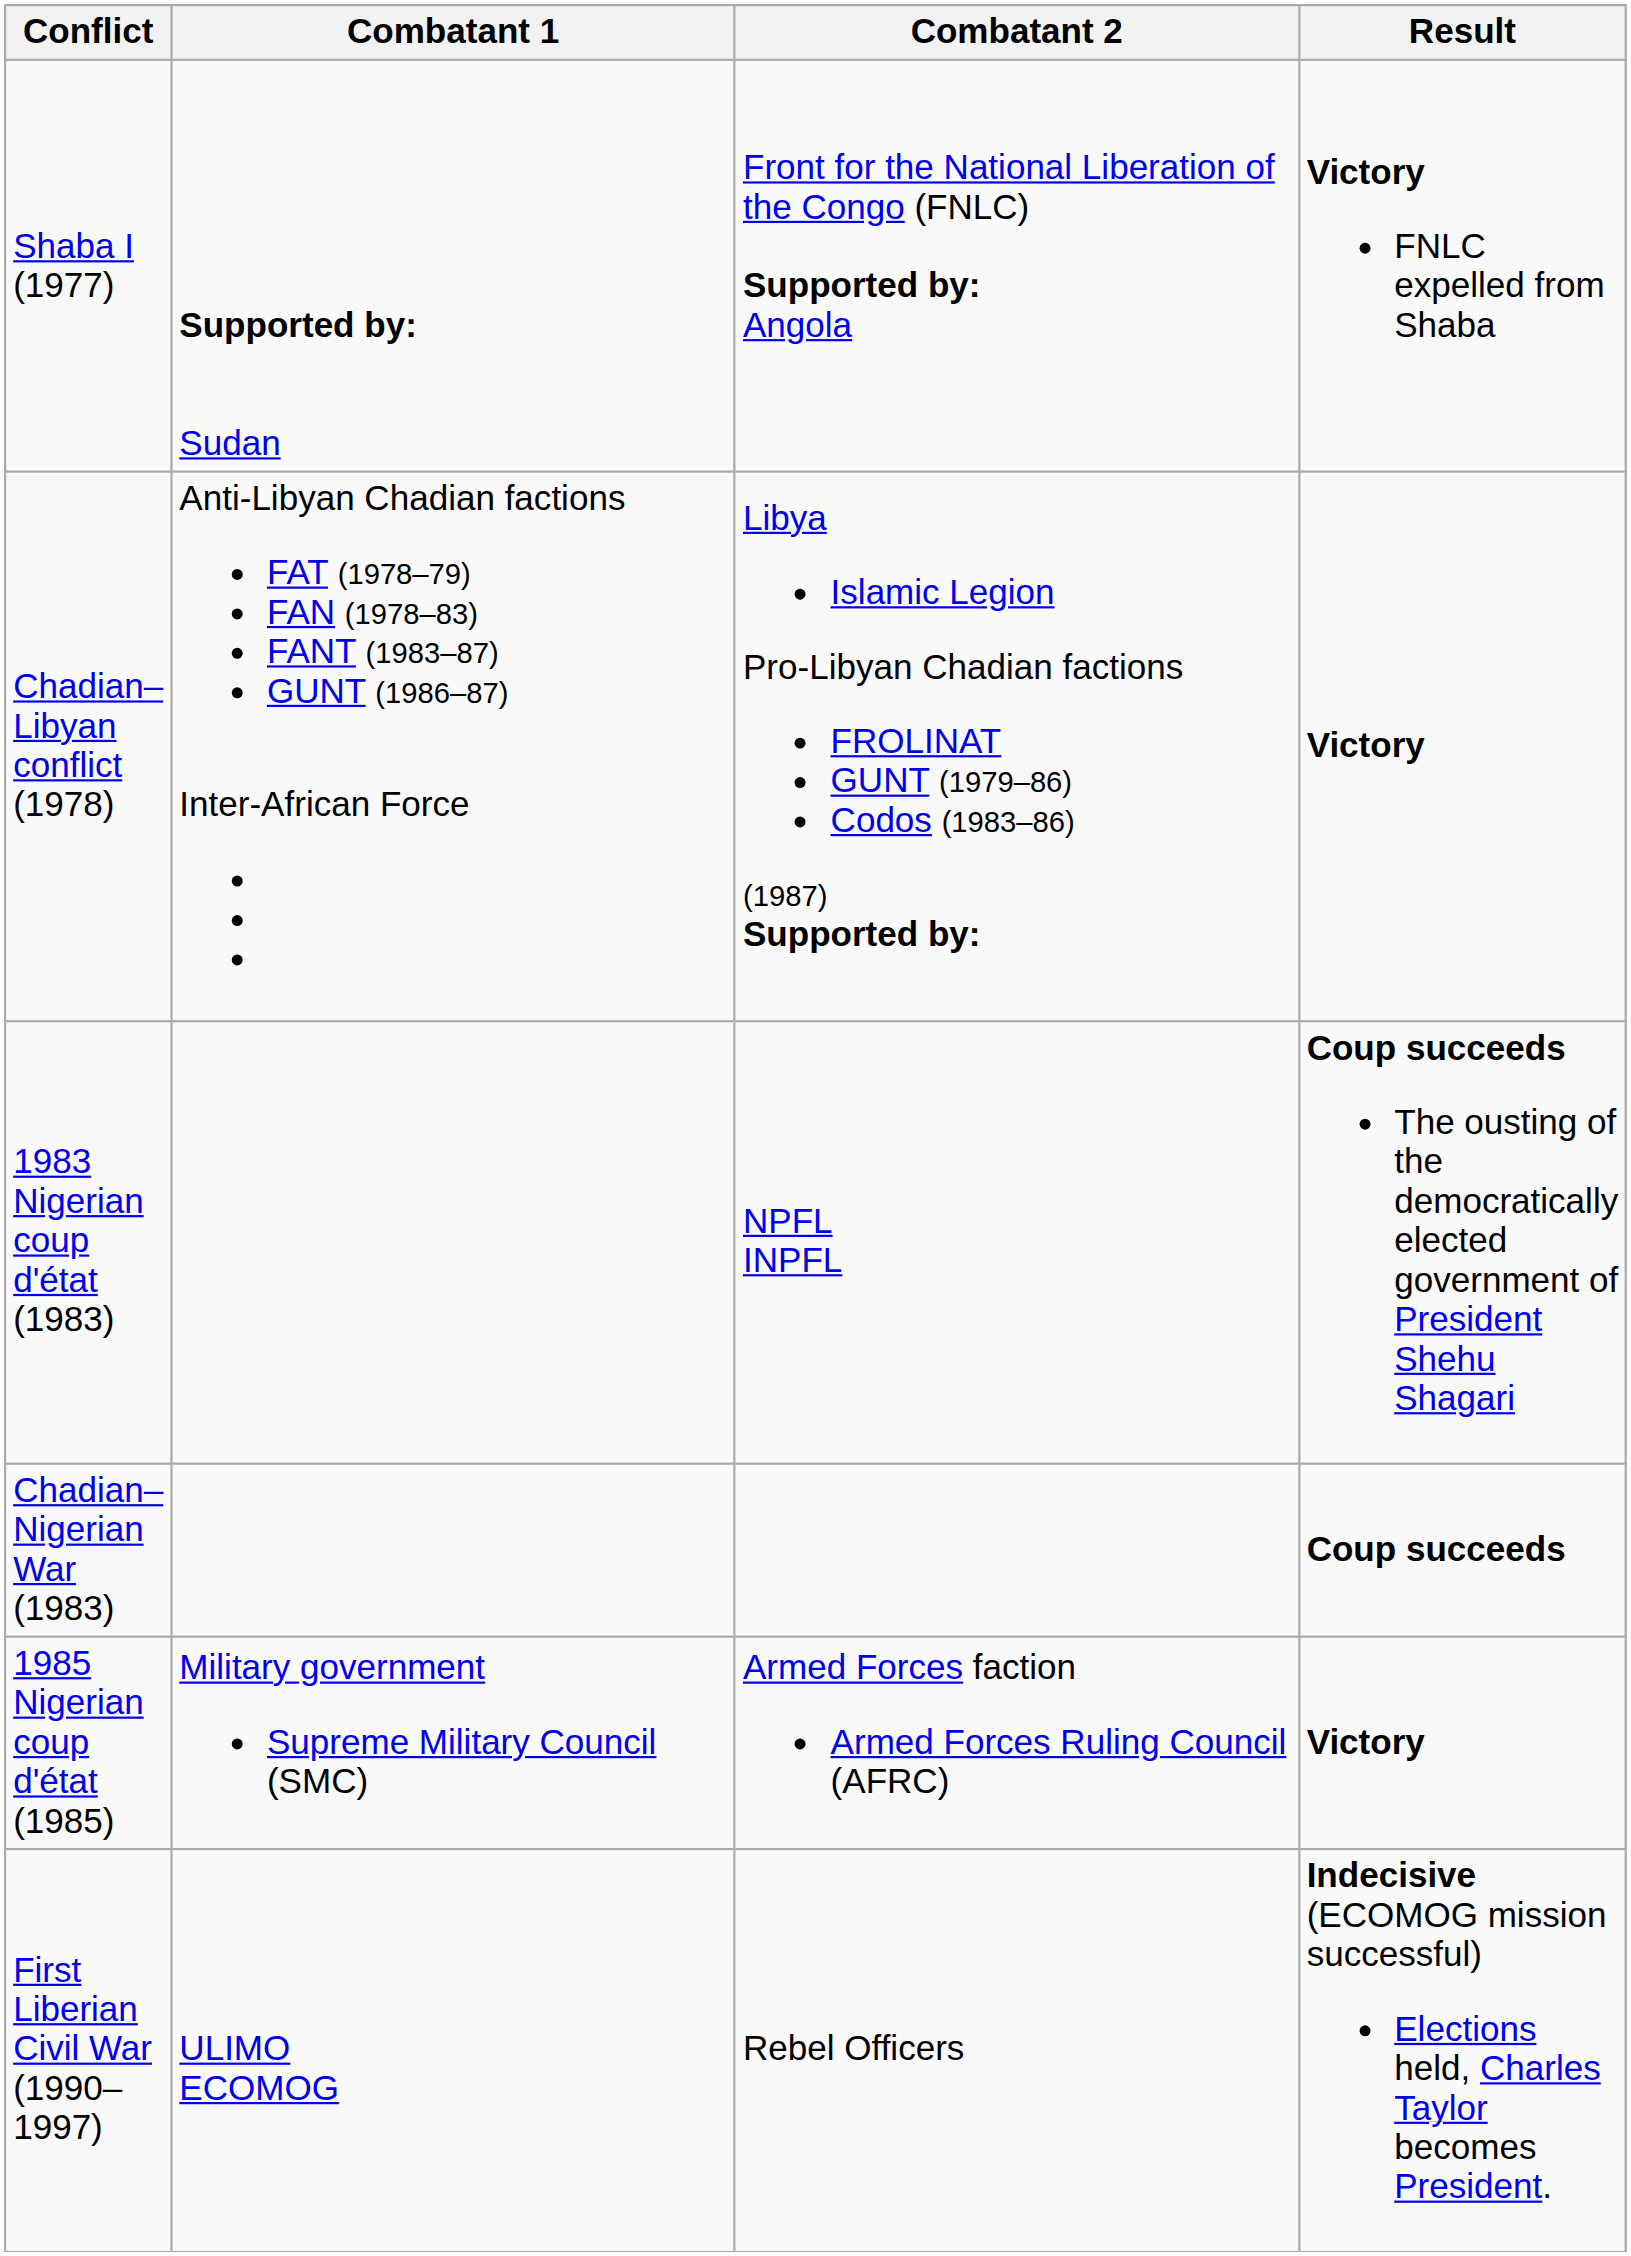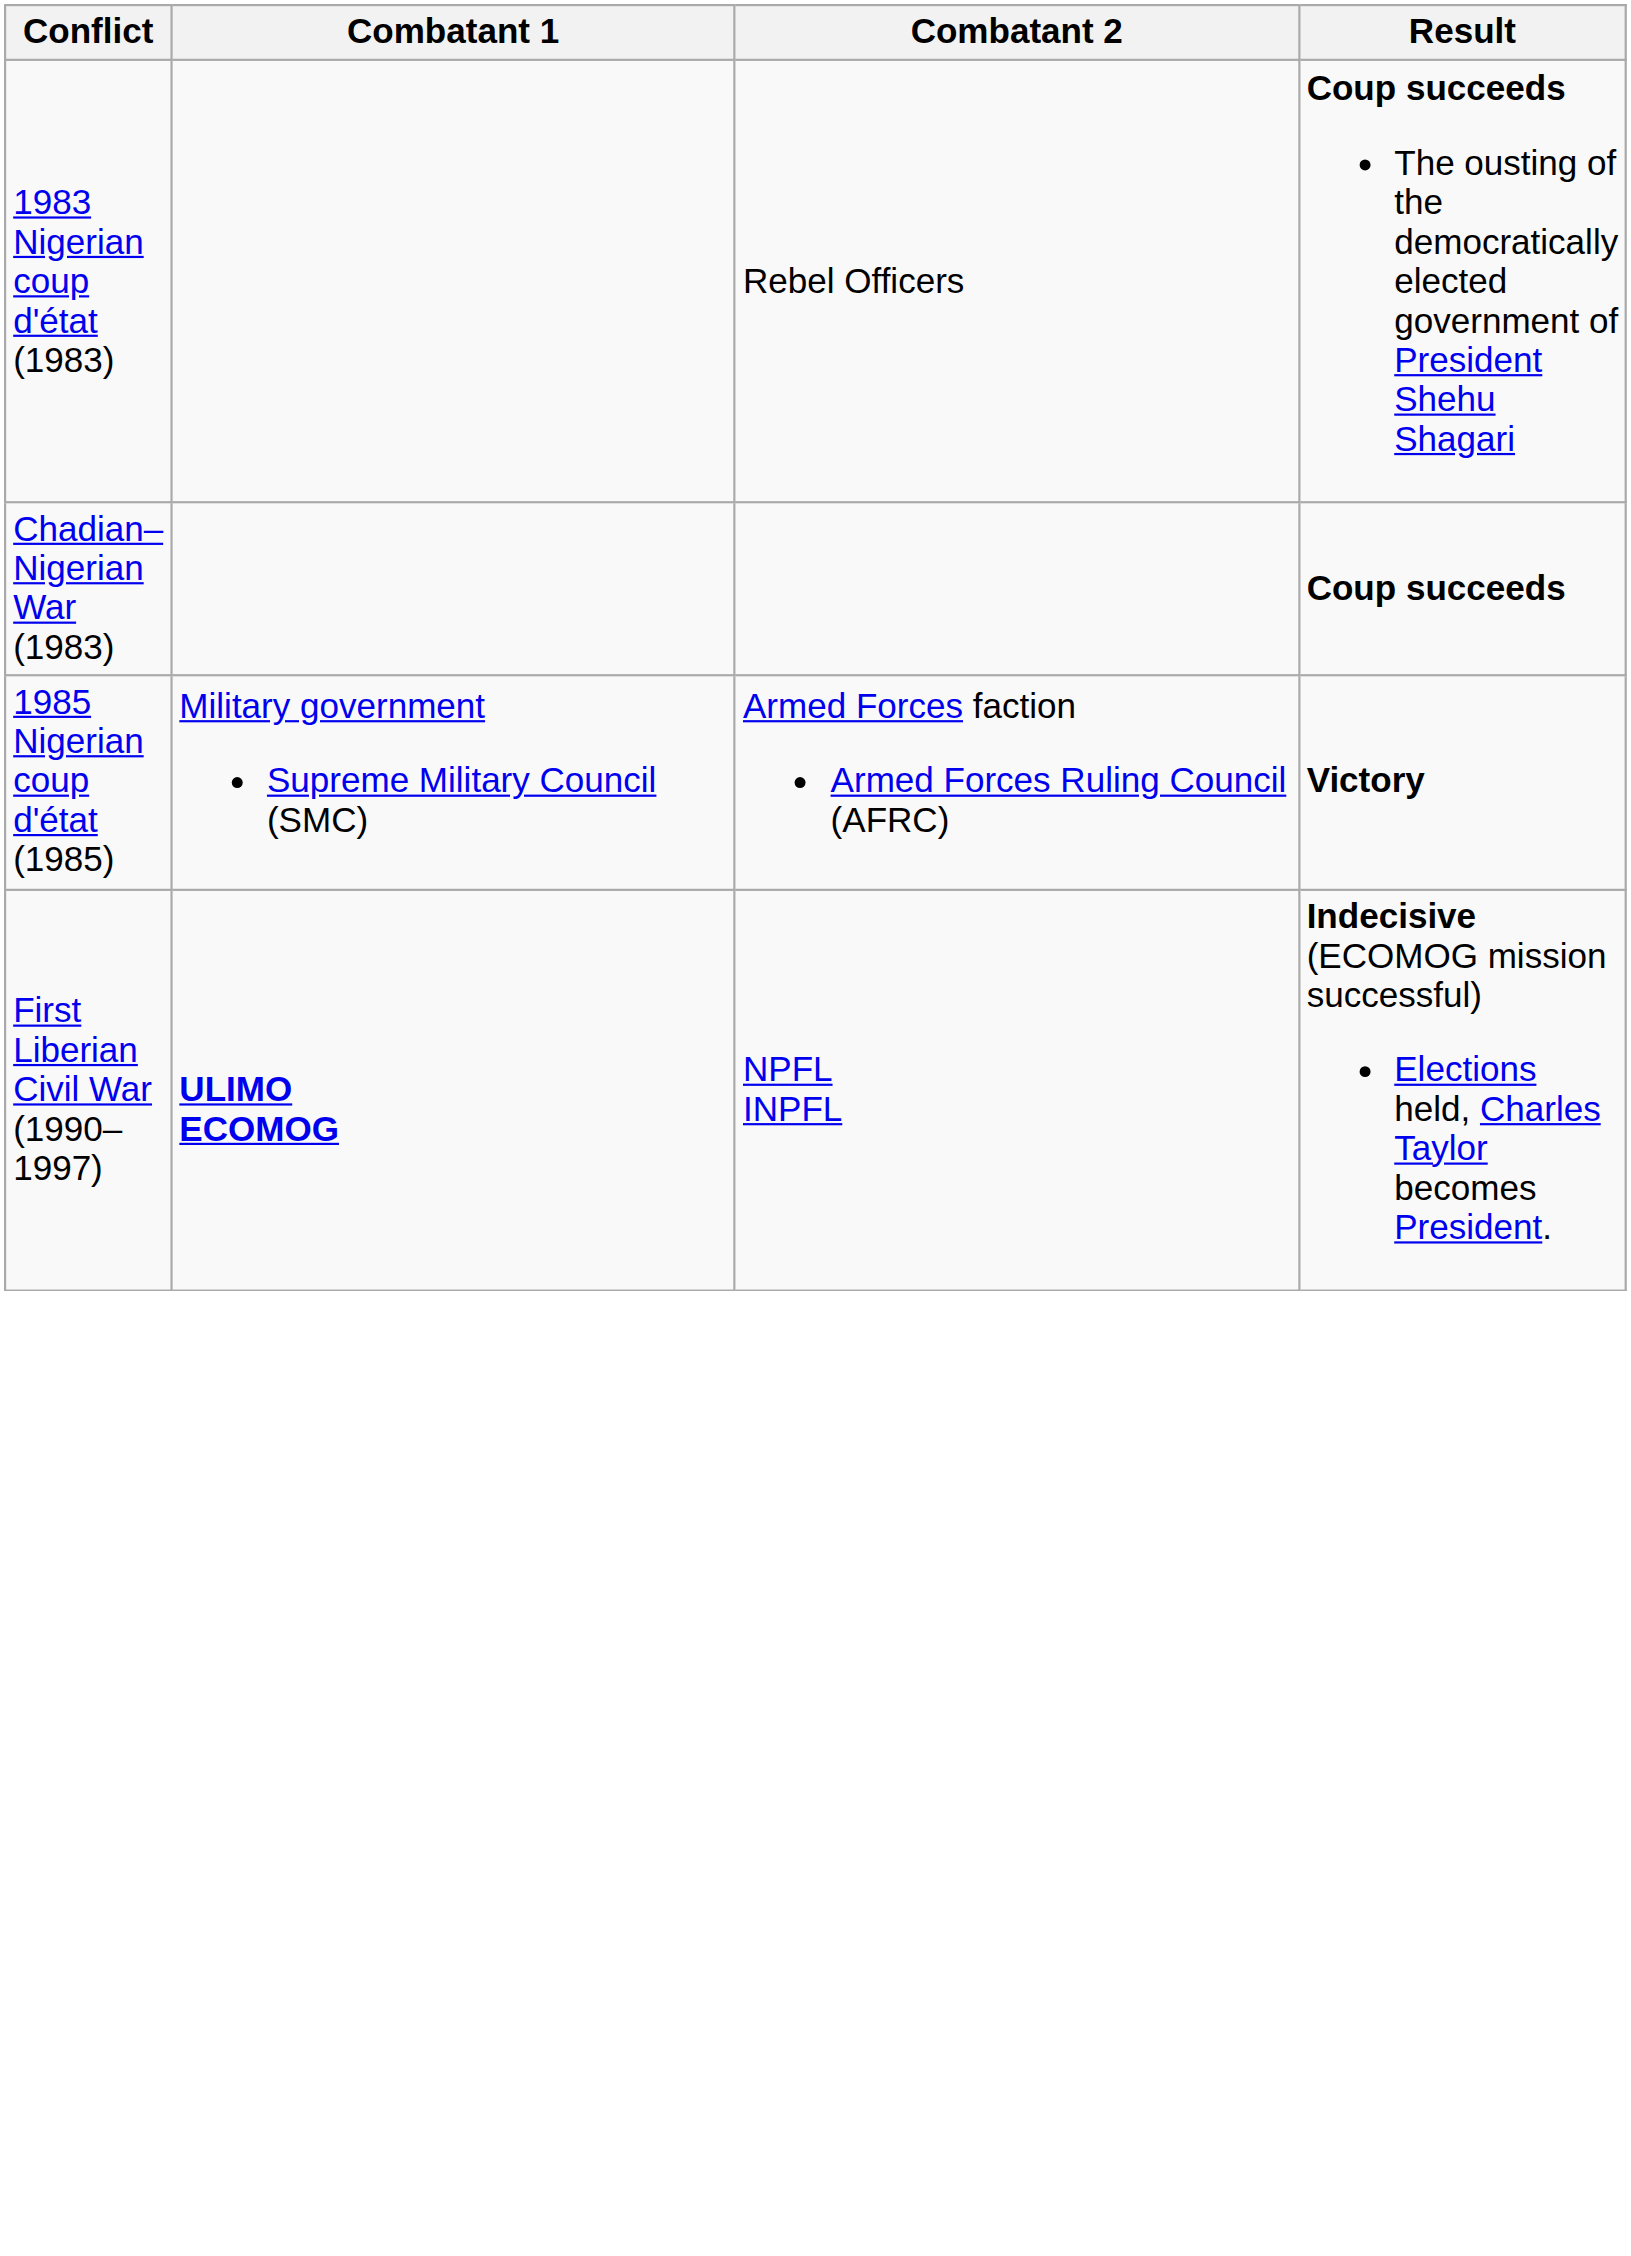 <table class="wikitable sortable" style="text-align:left">
 <tr>
 <th width="50px"><strong>Conflict</strong></th>
 <th width="250px"><strong>Combatant 1</strong></th>
 <th width="250px"><strong>Combatant 2</strong></th>
 <th width="75px"><strong>Result</strong></th>
 </tr>
 <tr>
-<td><a href='#'>Shaba I</a><br>(1977)</td>
-<td><br><br><br><br><br><br><strong>Supported by:</strong><br> <br> <br>  <a href='#'>Sudan</a><br> </td>
-<td> <a href='#'>Front for the National Liberation of the Congo</a> (FNLC)<br><br><strong>Supported by:</strong><br>  <a href='#'>Angola</a><br> <br> </td>
-<td><strong>Victory</strong><br><ul><li>FNLC expelled from Shaba</li></ul></td>
-</tr>
-<tr>
-<td><a href='#'>Chadian–Libyan conflict</a><br>(1978)</td>
-<td> Anti-Libyan Chadian factions<br><ul><li><a href='#'>FAT</a> <small>(1978–79)</small></li><li><a href='#'>FAN</a> <small>(1978–83)</small></li><li><a href='#'>FANT</a> <small>(1983–87)</small></li><li><a href='#'>GUNT</a> <small>(1986–87)</small></li></ul><br>Inter-African Force<ul><li></li><li></li><li></li></ul></td>
-<td> <a href='#'>Libya</a><br><ul><li><a href='#'>Islamic Legion</a></li></ul> Pro-Libyan Chadian factions<ul><li> <a href='#'>FROLINAT</a></li><li><a href='#'>GUNT</a> <small>(1979–86)</small></li><li><a href='#'>Codos</a> <small>(1983–86)</small></li></ul> <small>(1987)</small><br><strong>Supported by:</strong><br><br></td>
-<td><strong>Victory</strong></td>
-</tr>
-<tr>
 <td><a href='#'>1983 Nigerian coup d'état</a><br>(1983)</td>
 <td></td>
-<td> <a href='#'>NPFL</a><br> <a href='#'>INPFL</a></td>
+<td> Rebel Officers</td>
 <td><strong>Coup succeeds</strong><br><ul><li>The ousting of the democratically elected government of <a href='#'>President</a> <a href='#'>Shehu Shagari</a></li></ul></td>
 </tr>
 <tr>
 <td><a href='#'>Chadian–Nigerian War</a><br>(1983)</td>
 <td></td>
 <td></td>
 <td><strong>Coup succeeds</strong></td>
 </tr>
 <tr>
 <td><a href='#'>1985 Nigerian coup d'état</a><br>(1985)</td>
 <td> <a href='#'>Military government</a><br><ul><li><a href='#'>Supreme Military Council</a> (SMC)</li></ul></td>
 <td> <a href='#'>Armed Forces</a> faction<br><ul><li><a href='#'>Armed Forces Ruling Council</a> (AFRC)</li></ul></td>
 <td><strong>Victory</strong></td>
 </tr>
 <tr>
 <td><a href='#'>First Liberian Civil War</a><br>(1990–1997)</td>
-<td><br> <a href='#'>ULIMO</a><br> <a href='#'>ECOMOG</a></td>
-<td> Rebel Officers</td>
+<td><strong><br> <a href='#'>ULIMO</a><br> <a href='#'>ECOMOG</a></strong></td>
+<td> <a href='#'>NPFL</a><br> <a href='#'>INPFL</a></td>
 <td><strong>Indecisive</strong> (ECOMOG mission successful)<br><ul><li><a href='#'>Elections</a> held, <a href='#'>Charles Taylor</a> becomes <a href='#'>President</a>.</li></ul></td>
 </tr>
 </table>
